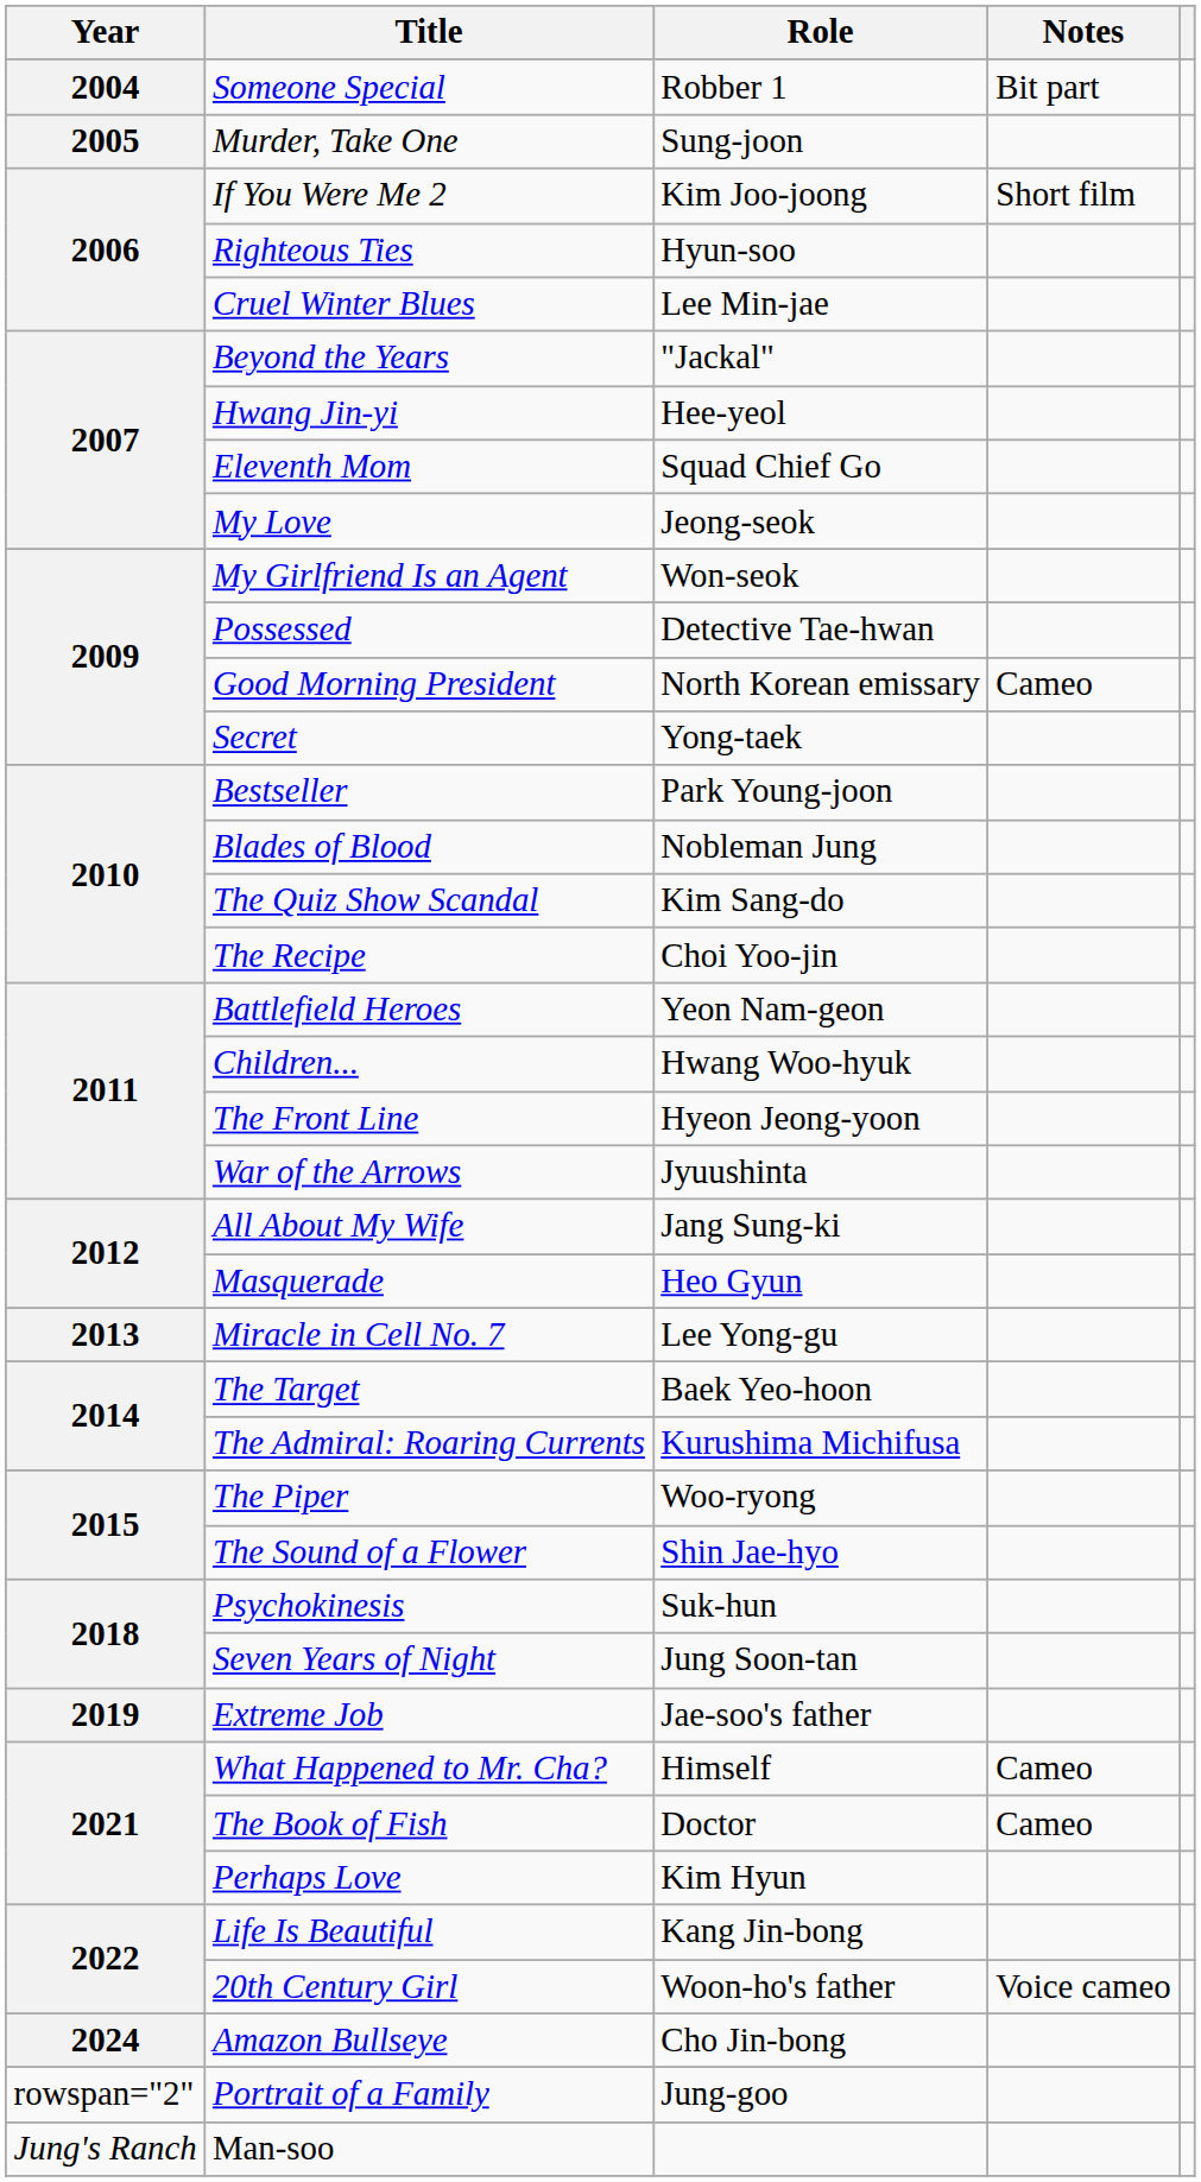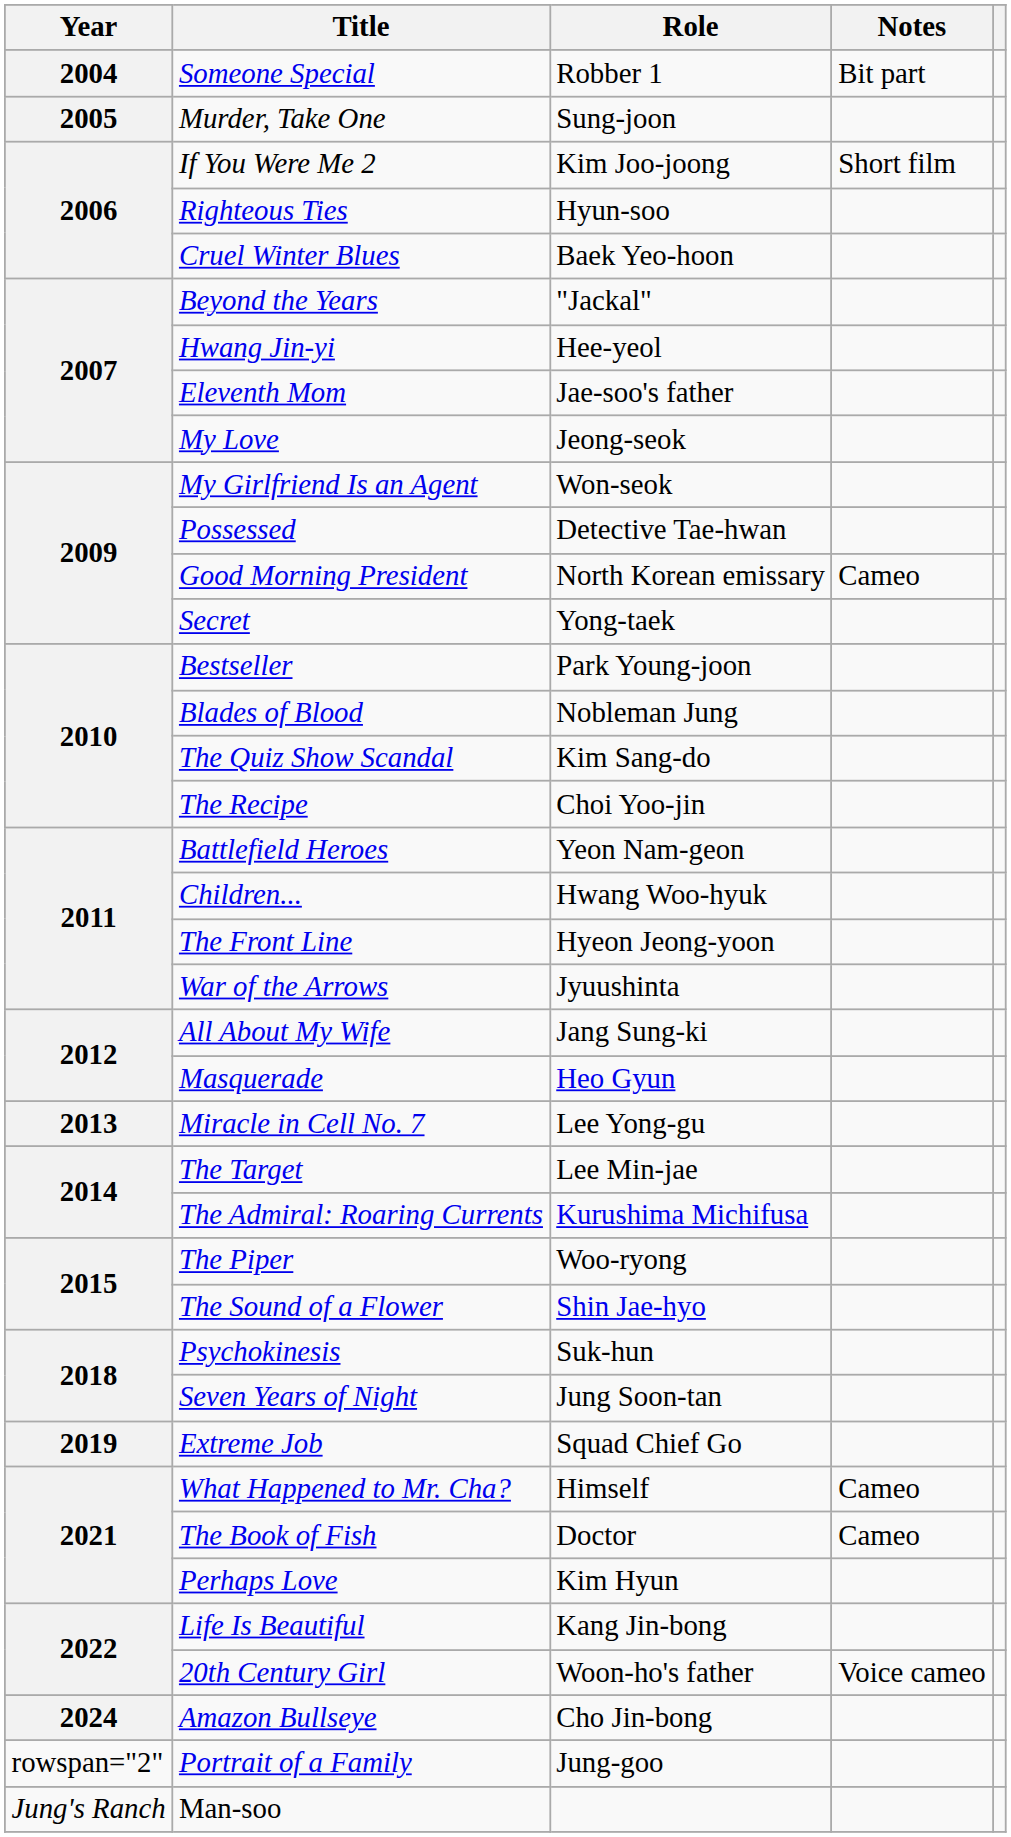 <table class="wikitable plainrowheaders sortable">
 <tr>
 <th scope="col">Year</th>
 <th scope="col">Title</th>
 <th scope="col">Role</th>
 <th scope="col">Notes</th>
 <th scope="col" class="unsortable"></th>
 </tr>
 <tr>
 <th scope="row">2004</th>
 <td><em><a href='#'>Someone Special</a></em></td>
 <td>Robber 1</td>
 <td>Bit part</td>
 <td style="text-align:center"></td>
 </tr>
 <tr>
 <th scope="row">2005</th>
 <td><em>Murder, Take One</em></td>
 <td>Sung-joon</td>
 <td></td>
 <td style="text-align:center"></td>
 </tr>
 <tr>
 <th scope="row" rowspan="3">2006</th>
 <td><em>If You Were Me 2</em></td>
 <td>Kim Joo-joong</td>
 <td>Short film</td>
 <td style="text-align:center"></td>
 </tr>
 <tr>
 <td><em><a href='#'>Righteous Ties</a></em></td>
 <td>Hyun-soo</td>
 <td></td>
 <td style="text-align:center"></td>
 </tr>
 <tr>
 <td><em><a href='#'>Cruel Winter Blues</a></em></td>
-<td>Lee Min-jae</td>
+<td>Baek Yeo-hoon</td>
 <td></td>
 <td style="text-align:center"></td>
 </tr>
 <tr>
 <th scope="row" rowspan="4">2007</th>
 <td><em><a href='#'>Beyond the Years</a></em></td>
 <td>"Jackal"</td>
 <td></td>
 <td style="text-align:center"></td>
 </tr>
 <tr>
 <td><em><a href='#'>Hwang Jin-yi</a></em></td>
 <td>Hee-yeol</td>
 <td></td>
 <td style="text-align:center"></td>
 </tr>
 <tr>
 <td><em><a href='#'>Eleventh Mom</a></em></td>
-<td>Squad Chief Go</td>
+<td>Jae-soo's father</td>
 <td></td>
 <td style="text-align:center"></td>
 </tr>
 <tr>
 <td><em><a href='#'>My Love</a></em></td>
 <td>Jeong-seok</td>
 <td></td>
 <td style="text-align:center"></td>
 </tr>
 <tr>
 <th scope="row" rowspan="4">2009</th>
 <td><em><a href='#'>My Girlfriend Is an Agent</a></em></td>
 <td>Won-seok</td>
 <td style="text-align:center"></td>
 <td></td>
 </tr>
 <tr>
 <td><em><a href='#'>Possessed</a></em></td>
 <td>Detective Tae-hwan</td>
 <td></td>
 <td style="text-align:center"></td>
 </tr>
 <tr>
 <td><em><a href='#'>Good Morning President</a></em></td>
 <td>North Korean emissary</td>
 <td>Cameo</td>
 <td style="text-align:center"></td>
 </tr>
 <tr>
 <td><em><a href='#'>Secret</a></em></td>
 <td>Yong-taek</td>
 <td></td>
 <td style="text-align:center"></td>
 </tr>
 <tr>
 <th scope="row" rowspan="4">2010</th>
 <td><em><a href='#'>Bestseller</a></em></td>
 <td>Park Young-joon</td>
 <td></td>
 <td style="text-align:center"></td>
 </tr>
 <tr>
 <td><em><a href='#'>Blades of Blood</a></em></td>
 <td>Nobleman Jung</td>
 <td></td>
 <td style="text-align:center"></td>
 </tr>
 <tr>
 <td><em><a href='#'>The Quiz Show Scandal</a></em></td>
 <td>Kim Sang-do</td>
 <td></td>
 <td style="text-align:center"></td>
 </tr>
 <tr>
 <td><em><a href='#'>The Recipe</a></em></td>
 <td>Choi Yoo-jin</td>
 <td></td>
 <td style="text-align:center"></td>
 </tr>
 <tr>
 <th scope="row" rowspan="4">2011</th>
 <td><em><a href='#'>Battlefield Heroes</a></em></td>
 <td>Yeon Nam-geon</td>
 <td></td>
 <td style="text-align:center"></td>
 </tr>
 <tr>
 <td><em><a href='#'>Children...</a></em></td>
 <td>Hwang Woo-hyuk</td>
 <td></td>
 <td style="text-align:center"></td>
 </tr>
 <tr>
 <td><em><a href='#'>The Front Line</a></em></td>
 <td>Hyeon Jeong-yoon</td>
 <td></td>
 <td style="text-align:center"></td>
 </tr>
 <tr>
 <td><em><a href='#'>War of the Arrows</a></em></td>
 <td>Jyuushinta</td>
 <td></td>
 <td style="text-align:center"></td>
 </tr>
 <tr>
 <th scope="row" rowspan="2">2012</th>
 <td><em><a href='#'>All About My Wife</a></em></td>
 <td>Jang Sung-ki</td>
 <td></td>
 <td style="text-align:center"></td>
 </tr>
 <tr>
 <td><em><a href='#'>Masquerade</a></em></td>
 <td><a href='#'>Heo Gyun</a></td>
 <td></td>
 <td style="text-align:center"></td>
 </tr>
 <tr>
 <th scope="row">2013</th>
 <td><em><a href='#'>Miracle in Cell No. 7</a></em></td>
 <td>Lee Yong-gu</td>
 <td></td>
 <td style="text-align:center"></td>
 </tr>
 <tr>
 <th scope="row" rowspan="2">2014</th>
 <td><em><a href='#'>The Target</a></em></td>
-<td>Baek Yeo-hoon</td>
+<td>Lee Min-jae</td>
 <td></td>
 <td style="text-align:center"></td>
 </tr>
 <tr>
 <td><em><a href='#'>The Admiral: Roaring Currents</a></em></td>
 <td><a href='#'>Kurushima Michifusa</a></td>
 <td></td>
 <td style="text-align:center"></td>
 </tr>
 <tr>
 <th scope="row" rowspan="2">2015</th>
 <td><em><a href='#'>The Piper</a></em></td>
 <td>Woo-ryong</td>
 <td></td>
 <td style="text-align:center"></td>
 </tr>
 <tr>
 <td><em><a href='#'>The Sound of a Flower</a></em></td>
 <td><a href='#'>Shin Jae-hyo</a></td>
 <td></td>
 <td style="text-align:center"></td>
 </tr>
 <tr>
 <th scope="row" rowspan="2">2018</th>
 <td><em><a href='#'>Psychokinesis</a></em></td>
 <td>Suk-hun</td>
 <td></td>
 <td style="text-align:center"></td>
 </tr>
 <tr>
 <td><em><a href='#'>Seven Years of Night</a></em></td>
 <td>Jung Soon-tan</td>
 <td></td>
 <td style="text-align:center"></td>
 </tr>
 <tr>
 <th scope="row">2019</th>
 <td><em><a href='#'>Extreme Job</a></em></td>
-<td>Jae-soo's father</td>
+<td>Squad Chief Go</td>
 <td></td>
 <td style="text-align:center"></td>
 </tr>
 <tr>
 <th scope="row" rowspan="3">2021</th>
 <td><em><a href='#'>What Happened to Mr. Cha?</a></em></td>
 <td>Himself</td>
 <td>Cameo</td>
 <td style="text-align:center"></td>
 </tr>
 <tr>
 <td><em><a href='#'>The Book of Fish</a></em></td>
 <td>Doctor</td>
 <td>Cameo</td>
 <td style="text-align:center"></td>
 </tr>
 <tr>
 <td><em><a href='#'>Perhaps Love</a></em></td>
 <td>Kim Hyun</td>
 <td></td>
 <td style="text-align:center"></td>
 </tr>
 <tr>
 <th scope="row" rowspan="2">2022</th>
 <td><em><a href='#'>Life Is Beautiful</a></em></td>
 <td>Kang Jin-bong</td>
 <td></td>
 <td style="text-align:center"></td>
 </tr>
 <tr>
 <td><em><a href='#'>20th Century Girl</a></em></td>
 <td>Woon-ho's father</td>
 <td>Voice cameo</td>
 <td style="text-align:center"></td>
 </tr>
 <tr>
 <th scope="row">2024</th>
 <td><em><a href='#'>Amazon Bullseye</a></em></td>
 <td>Cho Jin-bong</td>
 <td></td>
 <td style="text-align:center"></td>
 </tr>
 <tr>
 <td>rowspan="2" </td>
 <td><em><a href='#'>Portrait of a Family</a></em></td>
 <td>Jung-goo</td>
 <td></td>
 <td style="text-align:center"></td>
 </tr>
 <tr>
 <td><em>Jung's Ranch</em></td>
 <td>Man-soo</td>
 <td></td>
 <td style="text-align:center"></td>
 </tr>
 </table>
